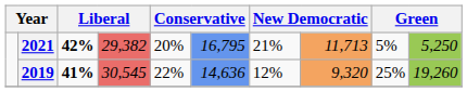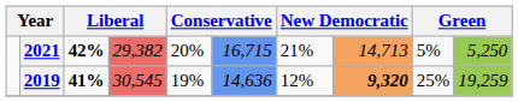 <table class="wikitable" style="float:right; width:400; font-size:90%; margin-left:1em;">
 <tr>
 <th colspan="2" scope="col">Year</th>
 <th colspan="2" scope="col"><a href='#'>Liberal</a></th>
 <th colspan="2" scope="col"><a href='#'>Conservative</a></th>
 <th colspan="2" scope="col"><a href='#'>New Democratic</a></th>
 <th colspan="2" scope="col"><a href='#'>Green</a></th>
 </tr>
 <tr>
 <td rowspan="2" style="width: 0.25em; background-color: "></td>
 <th><a href='#'>2021</a></th>
 <td><strong>42%</strong></td>
 <td style="text-align:right; background:#EA6D6A;"><em>29,382</em></td>
 <td>20%</td>
-<td style="text-align:right; background:#6495ED;"><em>16,795</em></td>
+<td style="text-align:right; background:#6495ED;"><em>16,715</em></td>
 <td>21%</td>
-<td style="text-align:right; background:#F4A460;"><em>11,713</em></td>
+<td style="text-align:right; background:#F4A460;"><em>14,713</em></td>
 <td>5%</td>
 <td style="text-align:right; background:#99C955;"><em>5,250</em></td>
 </tr>
 <tr>
 <th><a href='#'>2019</a></th>
 <td><strong>41%</strong></td>
 <td style="text-align:right; background:#EA6D6A;"><em>30,545</em></td>
-<td>22%</td>
+<td>19%</td>
 <td style="text-align:right; background:#6495ED;"><em>14,636</em></td>
 <td>12%</td>
-<td style="text-align:right; background:#F4A460;"><em>9,320</em></td>
+<td style="text-align:right; background:#F4A460;"><strong><em>9,320</em></strong></td>
 <td>25%</td>
-<td style="text-align:right; background:#99C955;"><em>19,260</em></td>
+<td style="text-align:right; background:#99C955;"><em>19,259</em></td>
 </tr>
 <tr>
 </tr>
 </table>
